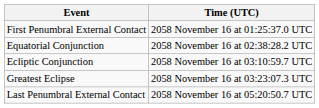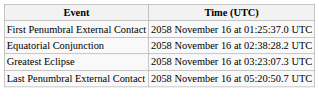 <table class="wikitable">
 <tr>
 <th>Event</th>
 <th>Time (UTC)</th>
 </tr>
 <tr>
 <td>First Penumbral External Contact</td>
 <td>2058 November 16 at 01:25:37.0 UTC</td>
 </tr>
 <tr>
 <td>Equatorial Conjunction</td>
 <td>2058 November 16 at 02:38:28.2 UTC</td>
 </tr>
 <tr>
-<td>Ecliptic Conjunction</td>
-<td>2058 November 16 at 03:10:59.7 UTC</td>
-</tr>
-<tr>
 <td>Greatest Eclipse</td>
 <td>2058 November 16 at 03:23:07.3 UTC</td>
 </tr>
 <tr>
 <td>Last Penumbral External Contact</td>
 <td>2058 November 16 at 05:20:50.7 UTC</td>
 </tr>
 </table>
